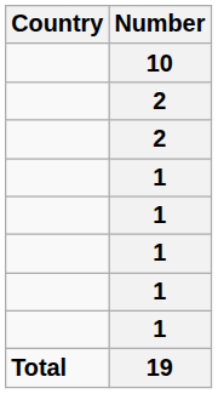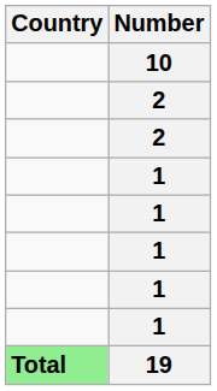 <table class="wikitable centre sortable">
 <tr>
 <th>Country</th>
 <th>Number</th>
 </tr>
 <tr>
 <td></td>
 <th>10</th>
 </tr>
 <tr>
 <td></td>
 <th>2</th>
 </tr>
 <tr>
 <td></td>
 <th>2</th>
 </tr>
 <tr>
 <td></td>
 <th>1</th>
 </tr>
 <tr>
 <td></td>
 <th>1</th>
 </tr>
 <tr>
 <td></td>
 <th>1</th>
 </tr>
 <tr>
 <td></td>
 <th>1</th>
 </tr>
 <tr>
 <td></td>
 <th>1</th>
 </tr>
 <tr class="sortbottom">
-<td><strong>Total</strong></td>
+<td style="background: lightgreen;"><strong>Total</strong></td>
 <th>19</th>
 </tr>
 </table>
